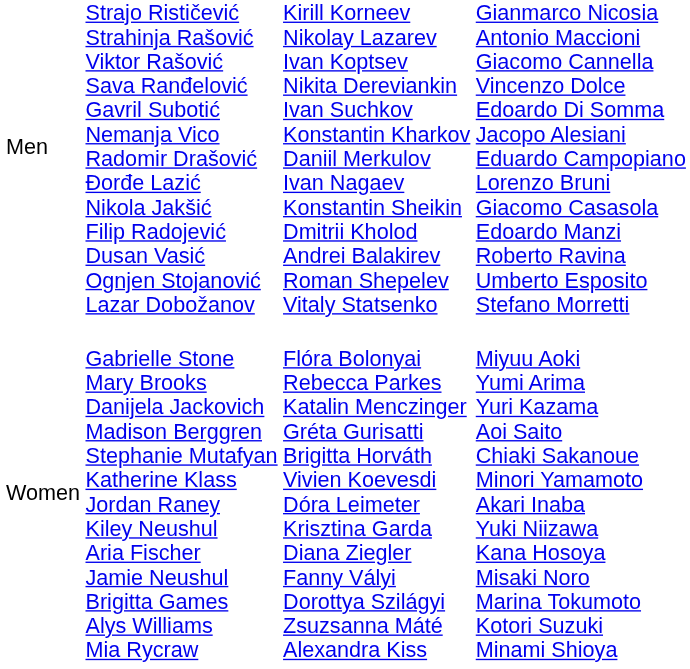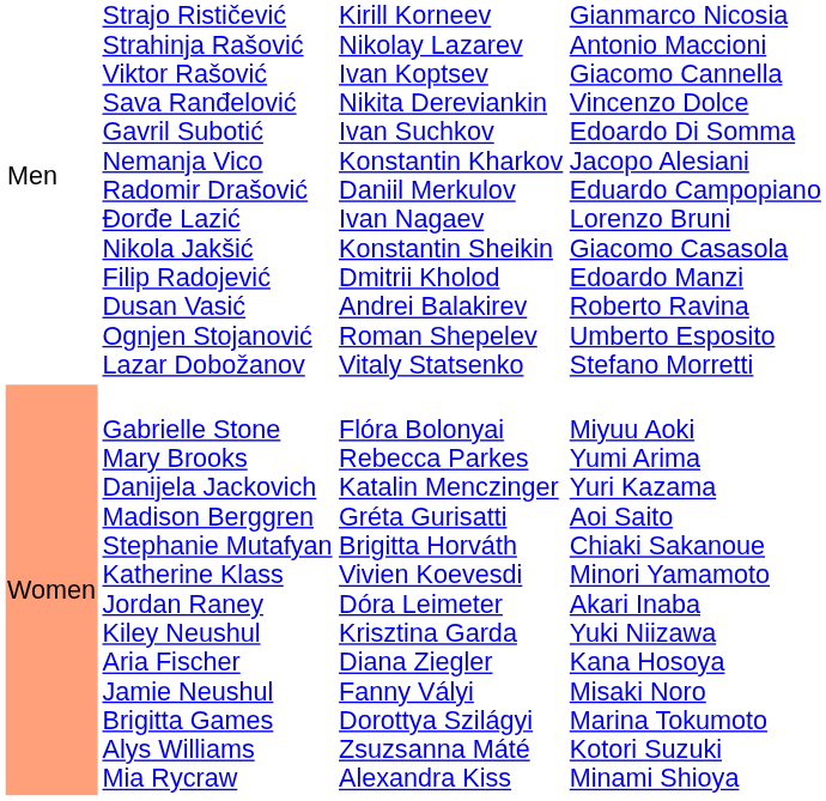 <table>
 <tr>
 <td>Men<br></td>
 <td><br><a href='#'>Strajo Rističević</a><br> <a href='#'>Strahinja Rašović</a><br><a href='#'>Viktor Rašović</a><br> <a href='#'>Sava Ranđelović</a><br> <a href='#'>Gavril Subotić</a><br> <a href='#'>Nemanja Vico</a><br> <a href='#'>Radomir Drašović</a><br> <a href='#'>Đorđe Lazić</a><br> <a href='#'>Nikola Jakšić</a><br> <a href='#'>Filip Radojević</a><br> <a href='#'>Dusan Vasić</a><br> <a href='#'>Ognjen Stojanović</a><br> <a href='#'>Lazar Dobožanov</a></td>
 <td><br><a href='#'>Kirill Korneev</a><br> <a href='#'>Nikolay Lazarev</a><br><a href='#'>Ivan Koptsev</a><br> <a href='#'>Nikita Dereviankin</a><br> <a href='#'>Ivan Suchkov</a><br> <a href='#'>Konstantin Kharkov</a><br> <a href='#'>Daniil Merkulov</a><br> <a href='#'>Ivan Nagaev</a><br> <a href='#'>Konstantin Sheikin</a><br> <a href='#'>Dmitrii Kholod</a><br> <a href='#'>Andrei Balakirev</a><br> <a href='#'>Roman Shepelev</a><br> <a href='#'>Vitaly Statsenko</a></td>
 <td><br><a href='#'>Gianmarco Nicosia</a><br> <a href='#'>Antonio Maccioni</a><br><a href='#'>Giacomo Cannella</a><br> <a href='#'>Vincenzo Dolce</a><br> <a href='#'>Edoardo Di Somma</a><br> <a href='#'>Jacopo Alesiani</a><br> <a href='#'>Eduardo Campopiano</a><br> <a href='#'>Lorenzo Bruni</a><br> <a href='#'>Giacomo Casasola</a><br> <a href='#'>Edoardo Manzi</a><br> <a href='#'>Roberto Ravina</a><br> <a href='#'>Umberto Esposito</a><br> <a href='#'>Stefano Morretti</a></td>
 </tr>
 <tr>
-<td>Women<br></td>
+<td style="background: lightsalmon;">Women<br></td>
 <td><br><a href='#'>Gabrielle Stone</a><br> <a href='#'>Mary Brooks</a><br><a href='#'>Danijela Jackovich</a><br> <a href='#'>Madison Berggren</a><br> <a href='#'>Stephanie Mutafyan</a><br> <a href='#'>Katherine Klass</a><br> <a href='#'>Jordan Raney</a><br> <a href='#'>Kiley Neushul</a><br> <a href='#'>Aria Fischer</a><br> <a href='#'>Jamie Neushul</a><br> <a href='#'>Brigitta Games</a><br> <a href='#'>Alys Williams</a><br> <a href='#'>Mia Rycraw</a></td>
 <td><br><a href='#'>Flóra Bolonyai</a><br> <a href='#'>Rebecca Parkes</a><br><a href='#'>Katalin Menczinger</a><br> <a href='#'>Gréta Gurisatti</a><br> <a href='#'>Brigitta Horváth</a><br> <a href='#'>Vivien Koevesdi</a><br> <a href='#'>Dóra Leimeter</a><br> <a href='#'>Krisztina Garda</a><br> <a href='#'>Diana Ziegler</a><br> <a href='#'>Fanny Vályi</a><br> <a href='#'>Dorottya Szilágyi</a><br> <a href='#'>Zsuzsanna Máté</a><br> <a href='#'>Alexandra Kiss</a></td>
 <td><br><a href='#'>Miyuu Aoki</a><br> <a href='#'>Yumi Arima</a><br><a href='#'>Yuri Kazama</a><br> <a href='#'>Aoi Saito</a><br> <a href='#'>Chiaki Sakanoue</a><br> <a href='#'>Minori Yamamoto</a><br> <a href='#'>Akari Inaba</a><br> <a href='#'>Yuki Niizawa</a><br> <a href='#'>Kana Hosoya</a><br> <a href='#'>Misaki Noro</a><br> <a href='#'>Marina Tokumoto</a><br> <a href='#'>Kotori Suzuki</a><br> <a href='#'>Minami Shioya</a></td>
 </tr>
 </table>
